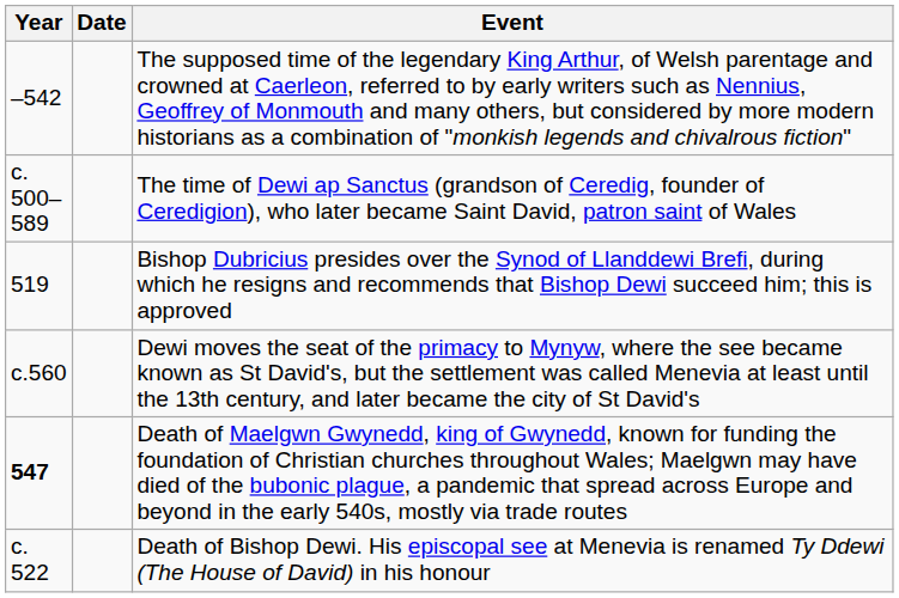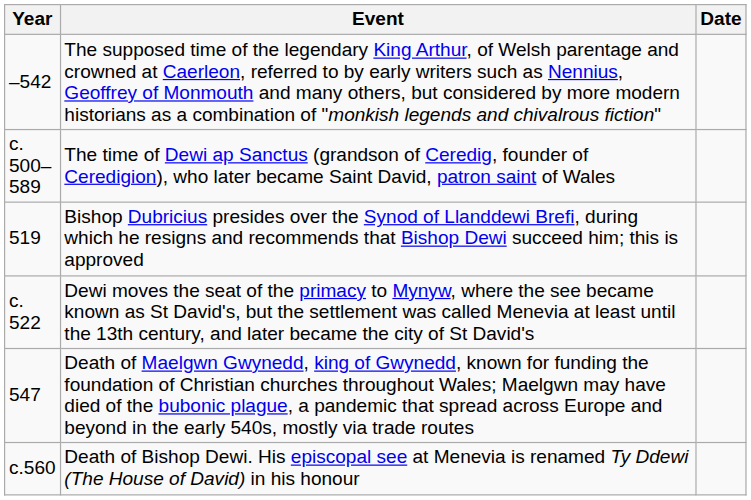 <table class="wikitable" width="100%">
 <tr>
 <th style="width:6%">Year</th>
+<th>Event</th>
 <th style="width:6%">Date</th>
-<th>Event</th>
 </tr>
 <tr>
 <td>–542</td>
+<td>The supposed time of the legendary <a href='#'>King Arthur</a>, of Welsh parentage and crowned at <a href='#'>Caerleon</a>, referred to by early writers such as <a href='#'>Nennius</a>, <a href='#'>Geoffrey of Monmouth</a> and many others, but considered by more modern historians as a combination of "<em>monkish legends and chivalrous fiction</em>"</td>
 <td></td>
-<td>The supposed time of the legendary <a href='#'>King Arthur</a>, of Welsh parentage and crowned at <a href='#'>Caerleon</a>, referred to by early writers such as <a href='#'>Nennius</a>, <a href='#'>Geoffrey of Monmouth</a> and many others, but considered by more modern historians as a combination of "<em>monkish legends and chivalrous fiction</em>"</td>
 </tr>
 <tr>
 <td>c. 500–589</td>
+<td>The time of <a href='#'>Dewi ap Sanctus</a> (grandson of <a href='#'>Ceredig</a>, founder of <a href='#'>Ceredigion</a>), who later became Saint David, <a href='#'>patron saint</a> of Wales</td>
 <td></td>
-<td>The time of <a href='#'>Dewi ap Sanctus</a> (grandson of <a href='#'>Ceredig</a>, founder of <a href='#'>Ceredigion</a>), who later became Saint David, <a href='#'>patron saint</a> of Wales</td>
 </tr>
 <tr>
 <td>519</td>
+<td>Bishop <a href='#'>Dubricius</a> presides over the <a href='#'>Synod of Llanddewi Brefi</a>, during which he resigns and recommends that <a href='#'>Bishop Dewi</a> succeed him; this is approved</td>
 <td></td>
-<td>Bishop <a href='#'>Dubricius</a> presides over the <a href='#'>Synod of Llanddewi Brefi</a>, during which he resigns and recommends that <a href='#'>Bishop Dewi</a> succeed him; this is approved</td>
+</tr>
+<tr>
+<td>c. 522</td>
+<td>Dewi moves the seat of the <a href='#'>primacy</a> to <a href='#'>Mynyw</a>, where the see became known as St David's, but the settlement was called Menevia at least until the 13th century, and later became the city of St David's</td>
+<td></td>
+</tr>
+<tr>
+<td>547</td>
+<td>Death of <a href='#'>Maelgwn Gwynedd</a>, <a href='#'>king of Gwynedd</a>, known for funding the foundation of Christian churches throughout Wales; Maelgwn may have died of the <a href='#'>bubonic plague</a>, a pandemic that spread across Europe and beyond in the early 540s, mostly via trade routes</td>
+<td></td>
 </tr>
 <tr>
 <td>c.560</td>
+<td>Death of Bishop Dewi. His <a href='#'>episcopal see</a> at Menevia is renamed <em>Ty Ddewi (The House of David)</em> in his honour</td>
 <td></td>
-<td>Dewi moves the seat of the <a href='#'>primacy</a> to <a href='#'>Mynyw</a>, where the see became known as St David's, but the settlement was called Menevia at least until the 13th century, and later became the city of St David's</td>
-</tr>
-<tr>
-<td><strong>547</strong></td>
-<td></td>
-<td>Death of <a href='#'>Maelgwn Gwynedd</a>, <a href='#'>king of Gwynedd</a>, known for funding the foundation of Christian churches throughout Wales; Maelgwn may have died of the <a href='#'>bubonic plague</a>, a pandemic that spread across Europe and beyond in the early 540s, mostly via trade routes</td>
-</tr>
-<tr>
-<td>c. 522</td>
-<td></td>
-<td>Death of Bishop Dewi. His <a href='#'>episcopal see</a> at Menevia is renamed <em>Ty Ddewi (The House of David)</em> in his honour</td>
 </tr>
 </table>
